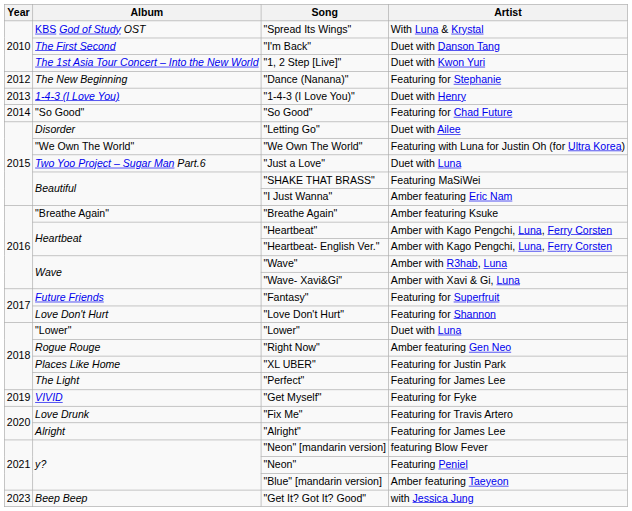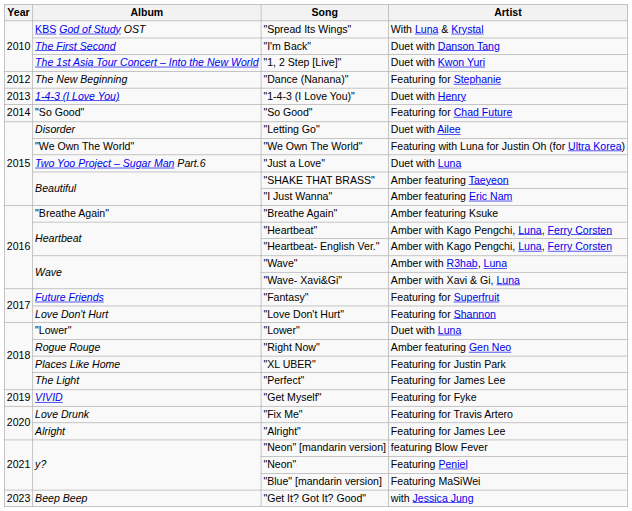 <table class="wikitable">
 <tr>
 <th scope="col">Year</th>
 <th>Album</th>
 <th>Song</th>
 <th scope="col">Artist</th>
 </tr>
 <tr>
 <td rowspan="3">2010</td>
 <td><a href='#'>KBS</a> <em><a href='#'>God of Study</a> OST</em></td>
 <td>"Spread Its Wings"</td>
 <td>With <a href='#'>Luna</a> & <a href='#'>Krystal</a></td>
 </tr>
 <tr>
 <td><em><a href='#'>The First Second</a></em></td>
 <td>"I'm Back"</td>
 <td>Duet with <a href='#'>Danson Tang</a></td>
 </tr>
 <tr>
 <td><em><a href='#'>The 1st Asia Tour Concert – Into the New World</a></em></td>
 <td>"1, 2 Step [Live]"</td>
 <td>Duet with <a href='#'>Kwon Yuri</a></td>
 </tr>
 <tr>
 <td>2012</td>
 <td><em>The New Beginning</em></td>
 <td>"Dance (Nanana)"</td>
 <td>Featuring for <a href='#'>Stephanie</a></td>
 </tr>
 <tr>
 <td>2013</td>
 <td><em><a href='#'>1-4-3 (I Love You)</a></em></td>
 <td>"1-4-3 (I Love You)"</td>
 <td>Duet with <a href='#'>Henry</a></td>
 </tr>
 <tr>
 <td>2014</td>
 <td>"So Good"</td>
 <td>"So Good"</td>
 <td>Featuring for <a href='#'>Chad Future</a></td>
 </tr>
 <tr>
 <td rowspan="5">2015</td>
 <td><em>Disorder</em></td>
 <td>"Letting Go"</td>
 <td>Duet with <a href='#'>Ailee</a></td>
 </tr>
 <tr>
 <td>"We Own The World"</td>
 <td>"We Own The World"</td>
 <td>Featuring with Luna for Justin Oh (for <a href='#'>Ultra Korea</a>)</td>
 </tr>
 <tr>
 <td><em><a href='#'>Two Yoo Project – Sugar Man</a> Part.6</em></td>
 <td>"Just a Love"</td>
 <td>Duet with <a href='#'>Luna</a></td>
 </tr>
 <tr>
 <td rowspan="2"><em>Beautiful</em></td>
 <td>"SHAKE THAT BRASS"</td>
-<td>Featuring MaSiWei</td>
+<td>Amber featuring <a href='#'>Taeyeon</a></td>
 </tr>
 <tr>
 <td>"I Just Wanna"</td>
 <td>Amber featuring <a href='#'>Eric Nam</a></td>
 </tr>
 <tr>
 <td rowspan="5">2016</td>
 <td>"Breathe Again"</td>
 <td>"Breathe Again"</td>
 <td>Amber featuring Ksuke</td>
 </tr>
 <tr>
 <td rowspan="2"><em>Heartbeat</em></td>
 <td>"Heartbeat"</td>
 <td>Amber with Kago Pengchi, <a href='#'>Luna</a>, <a href='#'>Ferry Corsten</a></td>
 </tr>
 <tr>
 <td>"Heartbeat- English Ver."</td>
 <td>Amber with Kago Pengchi, <a href='#'>Luna</a>, <a href='#'>Ferry Corsten</a></td>
 </tr>
 <tr>
 <td rowspan="2"><em>Wave</em></td>
 <td>"Wave"</td>
 <td>Amber with <a href='#'>R3hab</a>, <a href='#'>Luna</a></td>
 </tr>
 <tr>
 <td>"Wave- Xavi&Gi"</td>
 <td>Amber with Xavi & Gi, <a href='#'>Luna</a></td>
 </tr>
 <tr>
 <td rowspan="2">2017</td>
 <td><em><a href='#'>Future Friends</a></em></td>
 <td>"Fantasy"</td>
 <td>Featuring for <a href='#'>Superfruit</a></td>
 </tr>
 <tr>
 <td><em>Love Don't Hurt</em></td>
 <td>"Love Don't Hurt"</td>
 <td>Featuring for <a href='#'>Shannon</a></td>
 </tr>
 <tr>
 <td rowspan="4">2018</td>
 <td>"Lower"</td>
 <td>"Lower"</td>
 <td>Duet with <a href='#'>Luna</a></td>
 </tr>
 <tr>
 <td><em>Rogue Rouge</em></td>
 <td>"Right Now"</td>
 <td>Amber featuring <a href='#'>Gen Neo</a></td>
 </tr>
 <tr>
 <td><em>Places Like Home</em></td>
 <td>"XL UBER"</td>
 <td>Featuring for Justin Park </td>
 </tr>
 <tr>
 <td><em>The Light</em></td>
 <td>"Perfect"</td>
 <td>Featuring for James Lee </td>
 </tr>
 <tr>
 <td>2019</td>
 <td><em><a href='#'>VIVID</a></em></td>
 <td>"Get Myself"</td>
 <td>Featuring for Fyke </td>
 </tr>
 <tr>
 <td rowspan="2">2020</td>
 <td><em>Love Drunk</em></td>
 <td>"Fix Me"</td>
 <td>Featuring for Travis Artero </td>
 </tr>
 <tr>
 <td><em>Alright</em></td>
 <td>"Alright"</td>
 <td>Featuring for James Lee </td>
 </tr>
 <tr>
 <td rowspan="3">2021</td>
 <td rowspan="3"><em>y?</em></td>
 <td>"Neon" [mandarin version]</td>
 <td>featuring Blow Fever</td>
 </tr>
 <tr>
 <td>"Neon"</td>
 <td>Featuring <a href='#'>Peniel</a></td>
 </tr>
 <tr>
 <td>"Blue" [mandarin version]</td>
-<td>Amber featuring <a href='#'>Taeyeon</a></td>
+<td>Featuring MaSiWei</td>
 </tr>
 <tr>
 <td>2023</td>
 <td><em>Beep Beep</em></td>
 <td>"Get It? Got It? Good"</td>
 <td>with <a href='#'>Jessica Jung</a></td>
 </tr>
 </table>
